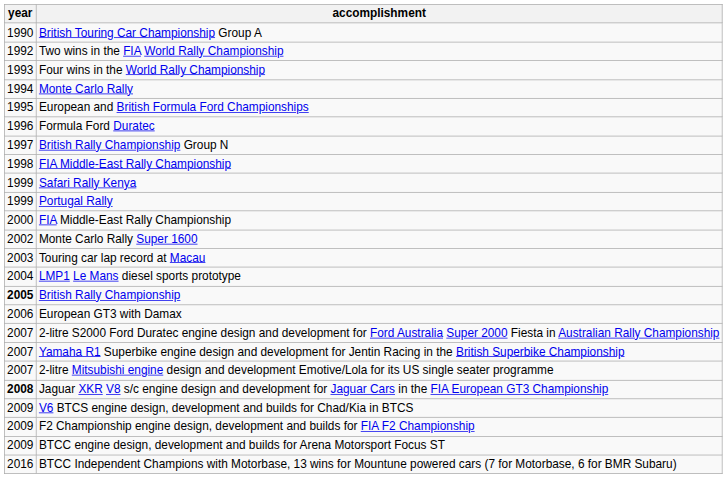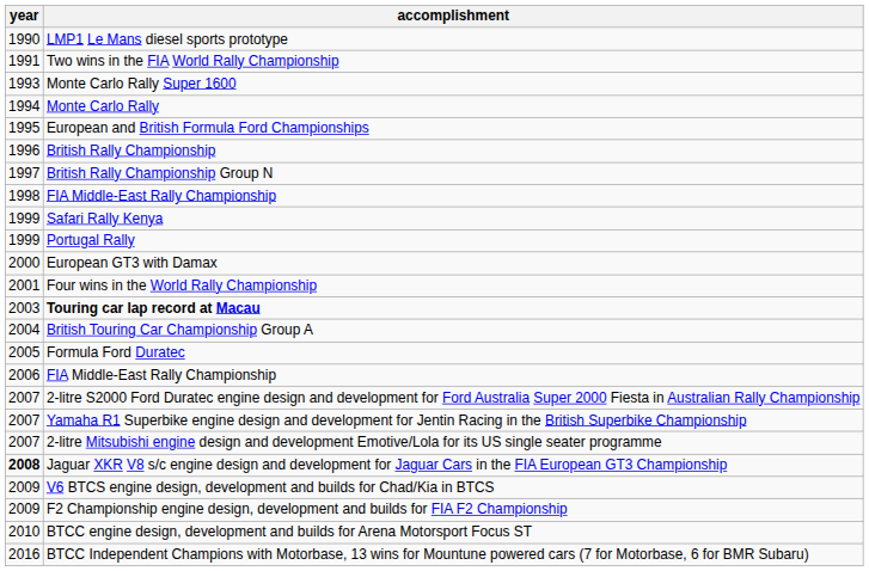 <table class="wikitable">
 <tr>
 <th>year</th>
 <th>accomplishment</th>
 </tr>
 <tr>
 <td>1990</td>
-<td><a href='#'>British Touring Car Championship</a> Group A</td>
+<td><a href='#'>LMP1</a> <a href='#'>Le Mans</a> diesel sports prototype</td>
 </tr>
 <tr>
-<td>1992</td>
+<td>1991</td>
 <td>Two wins in the <a href='#'>FIA</a> <a href='#'>World Rally Championship</a></td>
 </tr>
 <tr>
 <td>1993</td>
-<td>Four wins in the <a href='#'>World Rally Championship</a></td>
+<td>Monte Carlo Rally <a href='#'>Super 1600</a></td>
 </tr>
 <tr>
 <td>1994</td>
 <td><a href='#'>Monte Carlo Rally</a></td>
 </tr>
 <tr>
 <td>1995</td>
 <td>European and <a href='#'>British Formula Ford Championships</a></td>
 </tr>
 <tr>
 <td>1996</td>
-<td>Formula Ford <a href='#'>Duratec</a></td>
+<td><a href='#'>British Rally Championship</a></td>
 </tr>
 <tr>
 <td>1997</td>
 <td><a href='#'>British Rally Championship</a> Group N</td>
 </tr>
 <tr>
 <td>1998</td>
 <td><a href='#'>FIA Middle-East Rally Championship</a></td>
 </tr>
 <tr>
 <td>1999</td>
 <td><a href='#'>Safari Rally Kenya</a></td>
 </tr>
 <tr>
 <td>1999</td>
 <td><a href='#'>Portugal Rally</a></td>
 </tr>
 <tr>
 <td>2000</td>
-<td><a href='#'>FIA</a> Middle-East Rally Championship</td>
+<td>European GT3 with Damax</td>
 </tr>
 <tr>
-<td>2002</td>
-<td>Monte Carlo Rally <a href='#'>Super 1600</a></td>
+<td>2001</td>
+<td>Four wins in the <a href='#'>World Rally Championship</a></td>
 </tr>
 <tr>
 <td>2003</td>
-<td>Touring car lap record at <a href='#'>Macau</a></td>
+<td><strong>Touring car lap record at <a href='#'>Macau</a></strong></td>
 </tr>
 <tr>
 <td>2004</td>
-<td><a href='#'>LMP1</a> <a href='#'>Le Mans</a> diesel sports prototype</td>
+<td><a href='#'>British Touring Car Championship</a> Group A</td>
 </tr>
 <tr>
-<td><strong>2005</strong></td>
-<td><a href='#'>British Rally Championship</a></td>
+<td>2005</td>
+<td>Formula Ford <a href='#'>Duratec</a></td>
 </tr>
 <tr>
 <td>2006</td>
-<td>European GT3 with Damax</td>
+<td><a href='#'>FIA</a> Middle-East Rally Championship</td>
 </tr>
 <tr>
 <td>2007</td>
 <td>2-litre S2000 Ford Duratec engine design and development for <a href='#'>Ford Australia</a> <a href='#'>Super 2000</a> Fiesta in <a href='#'>Australian Rally Championship</a></td>
 </tr>
 <tr>
 <td>2007</td>
 <td><a href='#'>Yamaha R1</a> Superbike engine design and development for Jentin Racing in the <a href='#'>British Superbike Championship</a></td>
 </tr>
 <tr>
 <td>2007</td>
 <td>2-litre <a href='#'>Mitsubishi engine</a> design and development Emotive/Lola for its US single seater programme</td>
 </tr>
 <tr>
 <td><strong>2008</strong></td>
 <td>Jaguar <a href='#'>XKR</a> <a href='#'>V8</a> s/c engine design and development for <a href='#'>Jaguar Cars</a> in the <a href='#'>FIA European GT3 Championship</a></td>
 </tr>
 <tr>
 <td>2009</td>
 <td><a href='#'>V6</a> BTCS engine design, development and builds for Chad/Kia in BTCS</td>
 </tr>
 <tr>
 <td>2009</td>
 <td>F2 Championship engine design, development and builds for <a href='#'>FIA F2 Championship</a></td>
 </tr>
 <tr>
-<td>2009</td>
+<td>2010</td>
 <td>BTCC engine design, development and builds for Arena Motorsport Focus ST</td>
 </tr>
 <tr>
 <td>2016</td>
 <td>BTCC Independent Champions with Motorbase, 13 wins for Mountune powered cars (7 for Motorbase, 6 for BMR Subaru)</td>
 </tr>
 </table>
